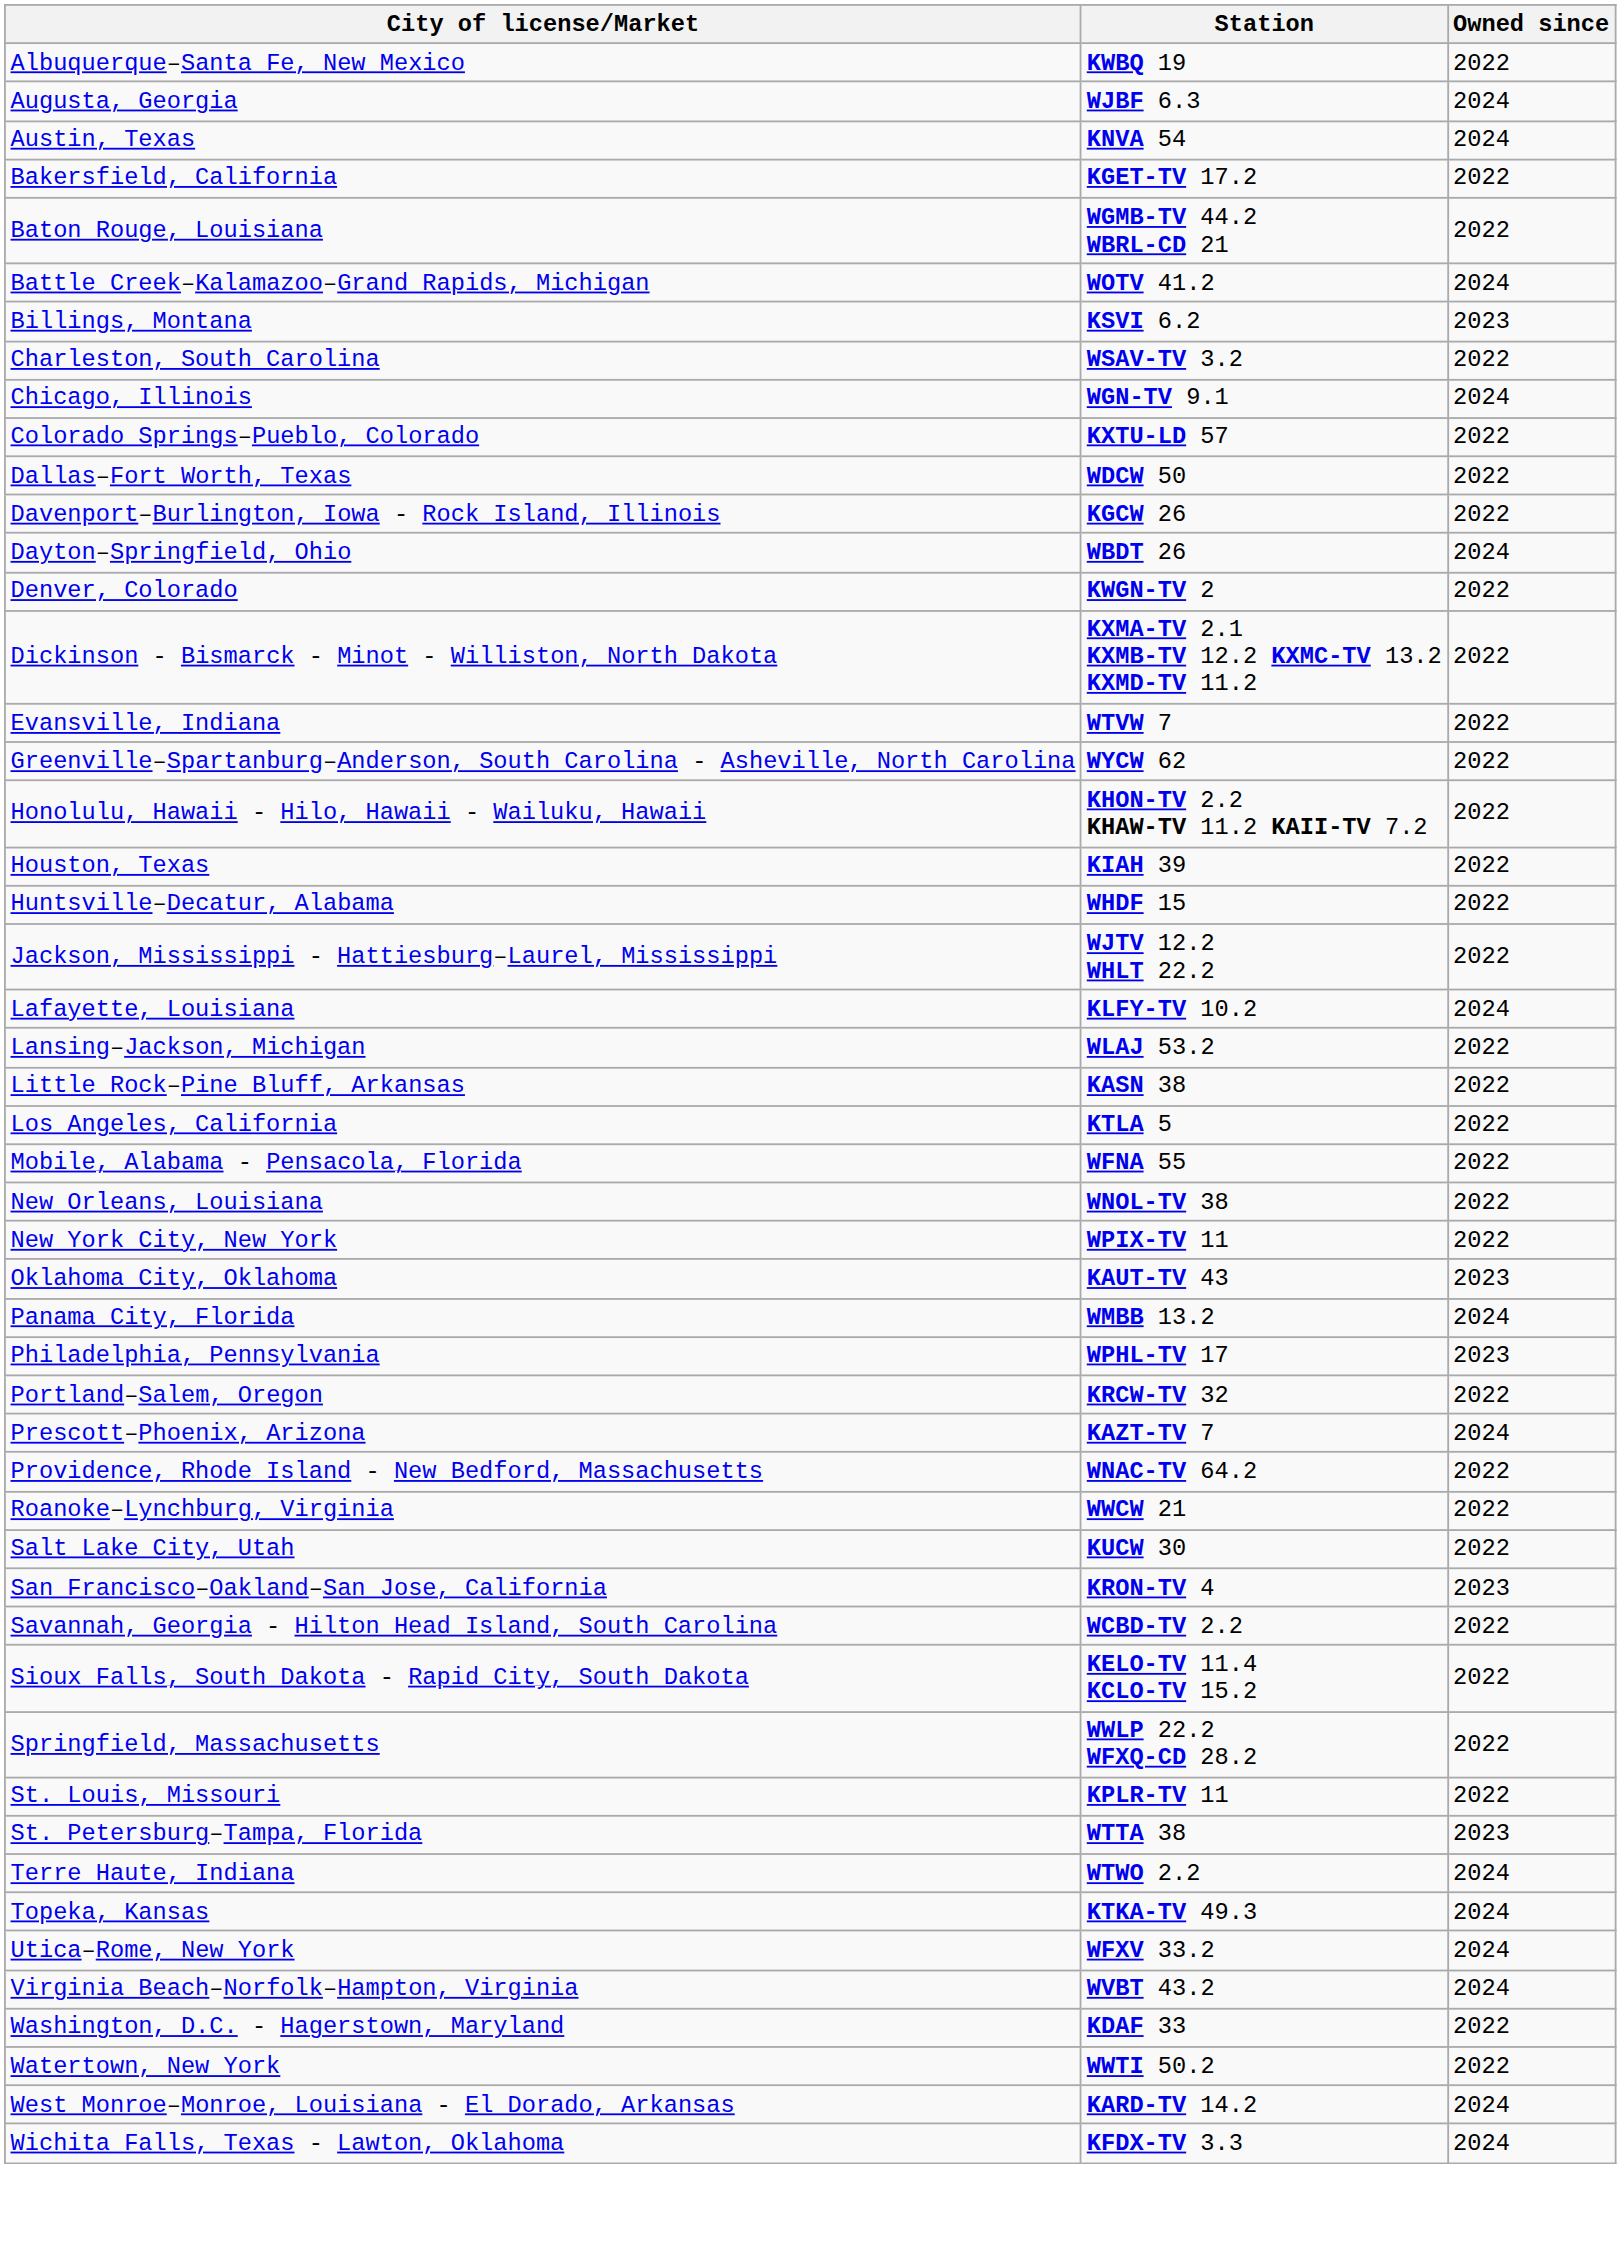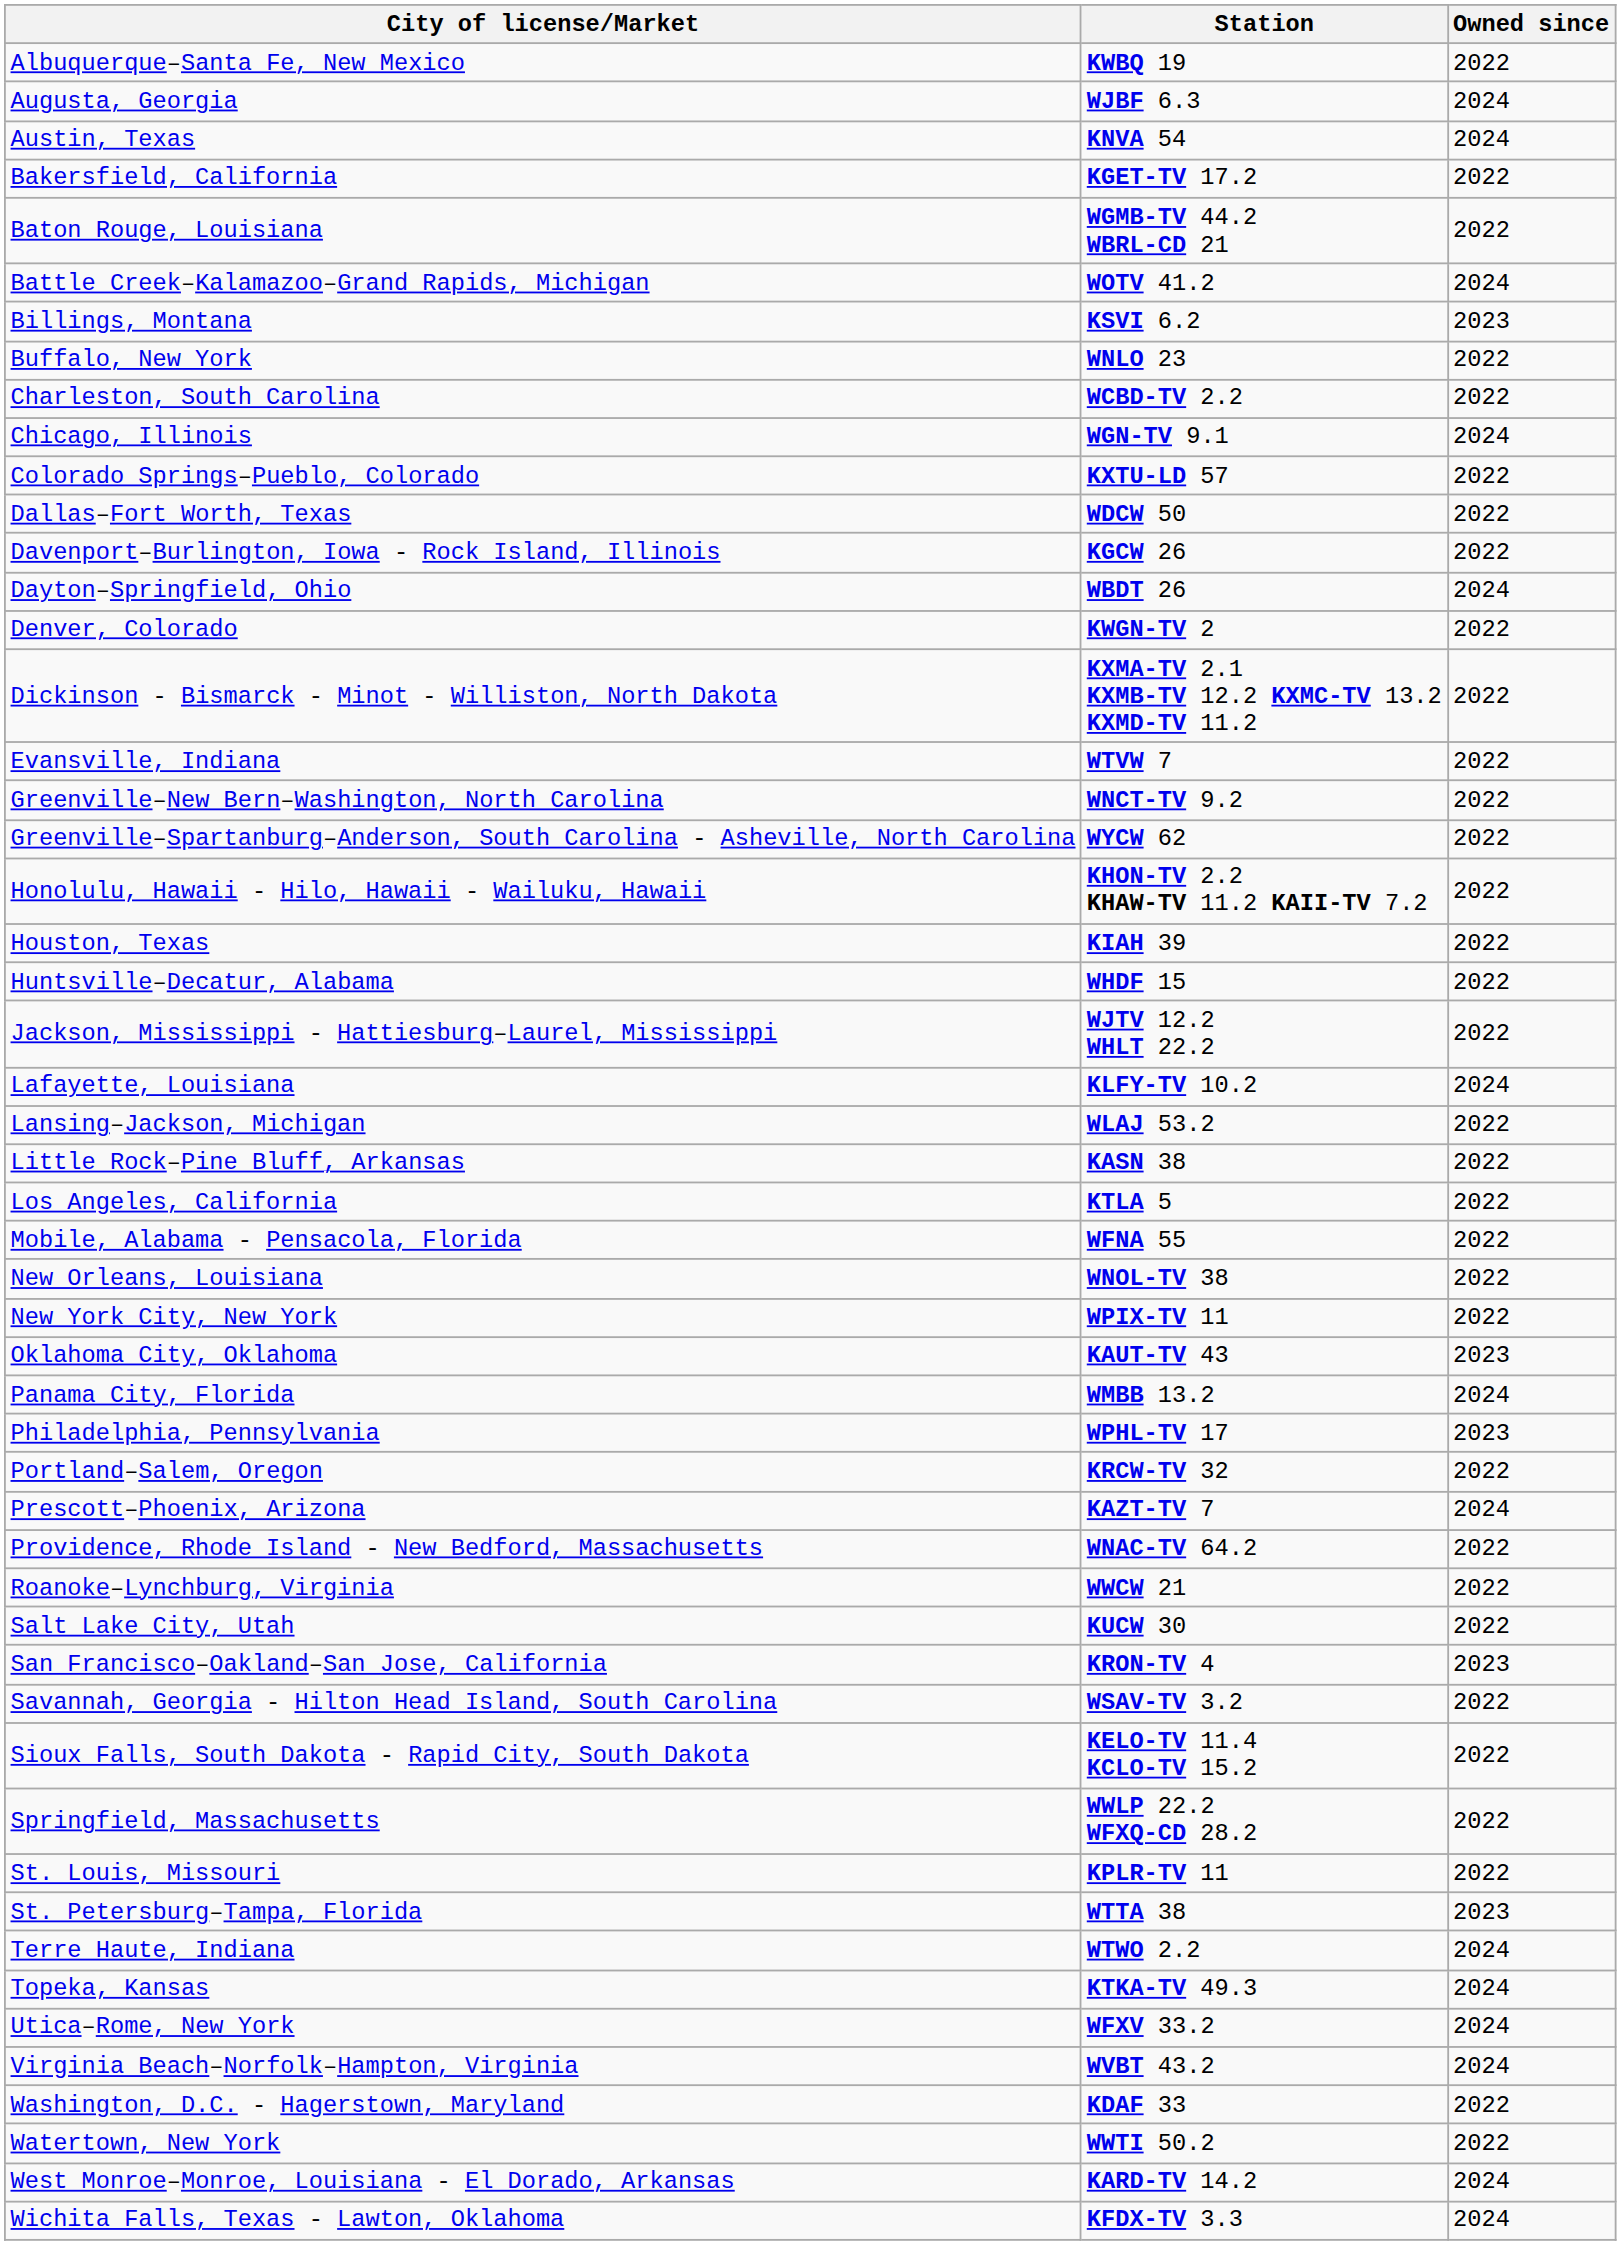 <table class="wikitable sortable">
 <tr>
 <th>City of license/Market</th>
 <th>Station</th>
 <th>Owned since</th>
 </tr>
 <tr>
 <td rowspan="1"><a href='#'>Albuquerque</a>–<a href='#'>Santa Fe, New Mexico</a></td>
 <td><strong><a href='#'>KWBQ</a></strong> 19</td>
 <td>2022</td>
 </tr>
 <tr>
 <td><a href='#'>Augusta, Georgia</a></td>
 <td><strong><a href='#'>WJBF</a></strong> 6.3</td>
 <td>2024</td>
 </tr>
 <tr>
 <td><a href='#'>Austin, Texas</a></td>
 <td><strong><a href='#'>KNVA</a></strong> 54</td>
 <td>2024</td>
 </tr>
 <tr>
 <td rowspan="1"><a href='#'>Bakersfield, California</a></td>
 <td><strong><a href='#'>KGET-TV</a></strong> 17.2</td>
 <td>2022</td>
 </tr>
 <tr>
 <td rowspan="1"><a href='#'>Baton Rouge, Louisiana</a></td>
 <td><strong><a href='#'>WGMB-TV</a></strong> 44.2<br><strong><a href='#'>WBRL-CD</a></strong> 21</td>
 <td>2022</td>
 </tr>
 <tr>
 <td><a href='#'>Battle Creek</a>–<a href='#'>Kalamazoo</a>–<a href='#'>Grand Rapids, Michigan</a></td>
 <td><strong><a href='#'>WOTV</a></strong> 41.2</td>
 <td>2024</td>
 </tr>
 <tr>
 <td><a href='#'>Billings, Montana</a></td>
 <td><strong><a href='#'>KSVI</a></strong> 6.2</td>
 <td>2023</td>
 </tr>
 <tr>
+<td rowspan="1"><a href='#'>Buffalo, New York</a></td>
+<td><strong><a href='#'>WNLO</a></strong> 23</td>
+<td>2022</td>
+</tr>
+<tr>
 <td><a href='#'>Charleston, South Carolina</a></td>
-<td><strong><a href='#'>WSAV-TV</a></strong> 3.2</td>
+<td><strong><a href='#'>WCBD-TV</a></strong> 2.2</td>
 <td>2022</td>
 </tr>
 <tr>
 <td><a href='#'>Chicago, Illinois</a></td>
 <td><strong><a href='#'>WGN-TV</a></strong> 9.1</td>
 <td>2024</td>
 </tr>
 <tr>
 <td rowspan="1"><a href='#'>Colorado Springs</a>–<a href='#'>Pueblo, Colorado</a></td>
 <td><strong><a href='#'>KXTU-LD</a></strong> 57</td>
 <td>2022</td>
 </tr>
 <tr>
 <td><a href='#'>Dallas</a>–<a href='#'>Fort Worth, Texas</a></td>
 <td><strong><a href='#'>WDCW</a></strong> 50</td>
 <td>2022</td>
 </tr>
 <tr>
 <td rowspan="1"><a href='#'>Davenport</a>–<a href='#'>Burlington, Iowa</a> - <a href='#'>Rock Island, Illinois</a></td>
 <td><strong><a href='#'>KGCW</a></strong> 26</td>
 <td>2022</td>
 </tr>
 <tr>
 <td><a href='#'>Dayton</a>–<a href='#'>Springfield, Ohio</a></td>
 <td><strong><a href='#'>WBDT</a></strong> 26</td>
 <td>2024</td>
 </tr>
 <tr>
 <td rowspan="1"><a href='#'>Denver, Colorado</a></td>
 <td><strong><a href='#'>KWGN-TV</a></strong> 2</td>
 <td>2022</td>
 </tr>
 <tr>
 <td><a href='#'>Dickinson</a> - <a href='#'>Bismarck</a> - <a href='#'>Minot</a> - <a href='#'>Williston, North Dakota</a></td>
 <td><strong><a href='#'>KXMA-TV</a></strong> 2.1<br><strong><a href='#'>KXMB-TV</a></strong> 12.2  <strong><a href='#'>KXMC-TV</a></strong> 13.2<br><strong><a href='#'>KXMD-TV</a></strong> 11.2</td>
 <td>2022</td>
 </tr>
 <tr>
 <td rowspan="1"><a href='#'>Evansville, Indiana</a></td>
 <td><strong><a href='#'>WTVW</a></strong> 7</td>
+<td>2022</td>
+</tr>
+<tr>
+<td><a href='#'>Greenville</a>–<a href='#'>New Bern</a>–<a href='#'>Washington, North Carolina</a></td>
+<td><strong><a href='#'>WNCT-TV</a></strong> 9.2</td>
 <td>2022</td>
 </tr>
 <tr>
 <td rowspan="1"><a href='#'>Greenville</a>–<a href='#'>Spartanburg</a>–<a href='#'>Anderson, South Carolina</a> - <a href='#'>Asheville, North Carolina</a></td>
 <td><strong><a href='#'>WYCW</a></strong> 62</td>
 <td>2022</td>
 </tr>
 <tr>
 <td rowspan="1"><a href='#'>Honolulu, Hawaii</a> - <a href='#'>Hilo, Hawaii</a> - <a href='#'>Wailuku, Hawaii</a></td>
 <td><strong><a href='#'>KHON-TV</a></strong> 2.2<br><strong>KHAW-TV</strong> 11.2 <strong>KAII-TV</strong> 7.2</td>
 <td>2022</td>
 </tr>
 <tr>
 <td><a href='#'>Houston, Texas</a></td>
 <td><strong><a href='#'>KIAH</a></strong> 39</td>
 <td>2022</td>
 </tr>
 <tr>
 <td rowspan="1"><a href='#'>Huntsville</a>–<a href='#'>Decatur, Alabama</a></td>
 <td><strong><a href='#'>WHDF</a></strong> 15</td>
 <td>2022</td>
 </tr>
 <tr>
 <td><a href='#'>Jackson, Mississippi</a> - <a href='#'>Hattiesburg</a>–<a href='#'>Laurel, Mississippi</a></td>
 <td><strong><a href='#'>WJTV</a></strong> 12.2<br><strong><a href='#'>WHLT</a></strong> 22.2</td>
 <td>2022</td>
 </tr>
 <tr>
 <td><a href='#'>Lafayette, Louisiana</a></td>
 <td><strong><a href='#'>KLFY-TV</a></strong> 10.2</td>
 <td>2024</td>
 </tr>
 <tr>
 <td rowspan="1"><a href='#'>Lansing</a>–<a href='#'>Jackson, Michigan</a></td>
 <td><strong><a href='#'>WLAJ</a></strong> 53.2</td>
 <td>2022</td>
 </tr>
 <tr>
 <td rowspan="1"><a href='#'>Little Rock</a>–<a href='#'>Pine Bluff, Arkansas</a></td>
 <td><strong><a href='#'>KASN</a></strong> 38</td>
 <td>2022</td>
 </tr>
 <tr>
 <td><a href='#'>Los Angeles, California</a></td>
 <td><strong><a href='#'>KTLA</a></strong> 5</td>
 <td>2022</td>
 </tr>
 <tr>
 <td rowspan="1"><a href='#'>Mobile, Alabama</a> - <a href='#'>Pensacola, Florida</a></td>
 <td><strong><a href='#'>WFNA</a></strong> 55</td>
 <td>2022</td>
 </tr>
 <tr>
 <td><a href='#'>New Orleans, Louisiana</a></td>
 <td><strong><a href='#'>WNOL-TV</a></strong> 38</td>
 <td>2022</td>
 </tr>
 <tr>
 <td><a href='#'>New York City, New York</a></td>
 <td><strong><a href='#'>WPIX-TV</a></strong> 11</td>
 <td>2022</td>
 </tr>
 <tr>
 <td><a href='#'>Oklahoma City, Oklahoma</a></td>
 <td><strong><a href='#'>KAUT-TV</a></strong> 43</td>
 <td>2023</td>
 </tr>
 <tr>
 <td><a href='#'>Panama City, Florida</a></td>
 <td><strong><a href='#'>WMBB</a></strong> 13.2</td>
 <td>2024</td>
 </tr>
 <tr>
 <td><a href='#'>Philadelphia, Pennsylvania</a></td>
 <td><strong><a href='#'>WPHL-TV</a></strong> 17</td>
 <td>2023</td>
 </tr>
 <tr>
 <td><a href='#'>Portland</a>–<a href='#'>Salem, Oregon</a></td>
 <td><strong><a href='#'>KRCW-TV</a></strong> 32</td>
 <td>2022</td>
 </tr>
 <tr>
 <td><a href='#'>Prescott</a>–<a href='#'>Phoenix, Arizona</a></td>
 <td><strong><a href='#'>KAZT-TV</a></strong> 7</td>
 <td>2024</td>
 </tr>
 <tr>
 <td rowspan="1"><a href='#'>Providence, Rhode Island</a> - <a href='#'>New Bedford, Massachusetts</a></td>
 <td><strong><a href='#'>WNAC-TV</a></strong> 64.2</td>
 <td>2022</td>
 </tr>
 <tr>
 <td rowspan="1"><a href='#'>Roanoke</a>–<a href='#'>Lynchburg, Virginia</a></td>
 <td><strong><a href='#'>WWCW</a></strong> 21</td>
 <td>2022</td>
 </tr>
 <tr>
 <td rowspan="1"><a href='#'>Salt Lake City, Utah</a></td>
 <td><strong><a href='#'>KUCW</a></strong> 30</td>
 <td>2022</td>
 </tr>
 <tr>
 <td><a href='#'>San Francisco</a>–<a href='#'>Oakland</a>–<a href='#'>San Jose, California</a></td>
 <td><strong><a href='#'>KRON-TV</a></strong> 4</td>
 <td>2023</td>
 </tr>
 <tr>
 <td><a href='#'>Savannah, Georgia</a> - <a href='#'>Hilton Head Island, South Carolina</a></td>
-<td><strong><a href='#'>WCBD-TV</a></strong> 2.2</td>
+<td><strong><a href='#'>WSAV-TV</a></strong> 3.2</td>
 <td>2022</td>
 </tr>
 <tr>
 <td><a href='#'>Sioux Falls, South Dakota</a> - <a href='#'>Rapid City, South Dakota</a></td>
 <td><strong><a href='#'>KELO-TV</a></strong> 11.4<br><strong><a href='#'>KCLO-TV</a></strong> 15.2</td>
 <td>2022</td>
 </tr>
 <tr>
 <td rowspan="1"><a href='#'>Springfield, Massachusetts</a></td>
 <td><strong><a href='#'>WWLP</a></strong> 22.2<br><strong><a href='#'>WFXQ-CD</a></strong> 28.2</td>
 <td>2022</td>
 </tr>
 <tr>
 <td rowspan="1"><a href='#'>St. Louis, Missouri</a></td>
 <td><strong><a href='#'>KPLR-TV</a></strong> 11</td>
 <td>2022</td>
 </tr>
 <tr>
 <td><a href='#'>St. Petersburg</a>–<a href='#'>Tampa, Florida</a></td>
 <td><strong><a href='#'>WTTA</a></strong> 38</td>
 <td>2023</td>
 </tr>
 <tr>
 <td><a href='#'>Terre Haute, Indiana</a></td>
 <td><strong><a href='#'>WTWO</a></strong> 2.2</td>
 <td>2024</td>
 </tr>
 <tr>
 <td><a href='#'>Topeka, Kansas</a></td>
 <td><strong><a href='#'>KTKA-TV</a></strong> 49.3</td>
 <td>2024</td>
 </tr>
 <tr>
 <td><a href='#'>Utica</a>–<a href='#'>Rome, New York</a></td>
 <td><strong><a href='#'>WFXV</a></strong> 33.2</td>
 <td>2024</td>
 </tr>
 <tr>
 <td><a href='#'>Virginia Beach</a>–<a href='#'>Norfolk</a>–<a href='#'>Hampton, Virginia</a></td>
 <td><strong><a href='#'>WVBT</a></strong> 43.2</td>
 <td>2024</td>
 </tr>
 <tr>
 <td rowspan="1"><a href='#'>Washington, D.C.</a> - <a href='#'>Hagerstown, Maryland</a></td>
 <td><strong><a href='#'>KDAF</a></strong> 33</td>
 <td>2022</td>
 </tr>
 <tr>
 <td><a href='#'>Watertown, New York</a></td>
 <td><strong><a href='#'>WWTI</a></strong> 50.2</td>
 <td>2022</td>
 </tr>
 <tr>
 <td><a href='#'>West Monroe</a>–<a href='#'>Monroe, Louisiana</a> - <a href='#'>El Dorado, Arkansas</a></td>
 <td><strong><a href='#'>KARD-TV</a></strong> 14.2</td>
 <td>2024</td>
 </tr>
 <tr>
 <td><a href='#'>Wichita Falls, Texas</a> - <a href='#'>Lawton, Oklahoma</a></td>
 <td><strong><a href='#'>KFDX-TV</a></strong> 3.3</td>
 <td>2024</td>
 </tr>
 </table>
